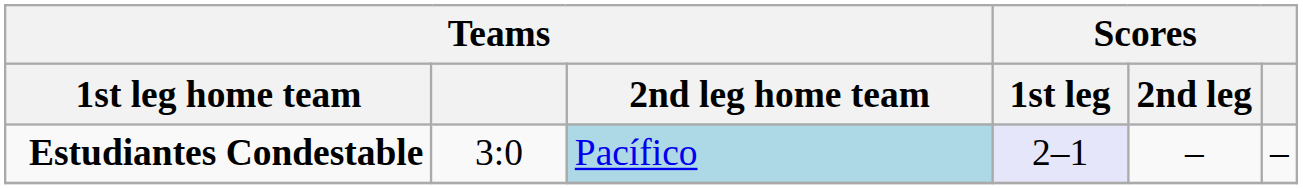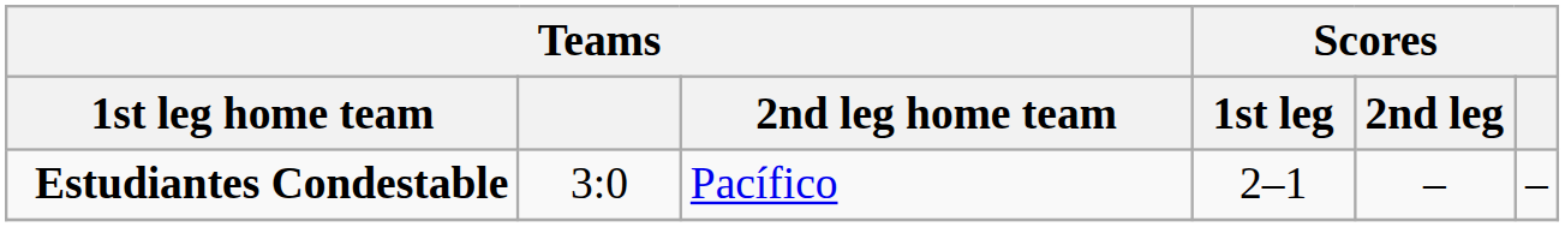 <table class="wikitable" style="text-align: center;">
 <tr>
 <th colspan=3>Teams</th>
 <th colspan=3>Scores</th>
 </tr>
 <tr>
 <th width="175">1st leg home team</th>
 <th width="50"></th>
 <th width="175">2nd leg home team</th>
 <th width="50">1st leg</th>
 <th width="50">2nd leg</th>
 <th></th>
 </tr>
 <tr>
 <td align=right><strong>Estudiantes Condestable</strong></td>
 <td>3:0</td>
-<td align=left style="background: lightblue;"><a href='#'>Pacífico</a></td>
-<td style="background: lavender;">2–1</td>
+<td align=left><a href='#'>Pacífico</a></td>
+<td>2–1</td>
 <td>–</td>
 <td>–</td>
 </tr>
 <tr>
 </tr>
 </table>
